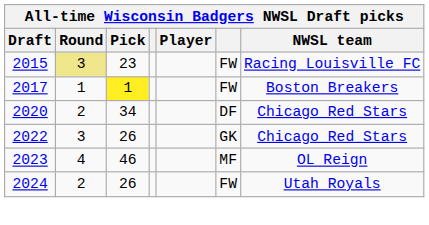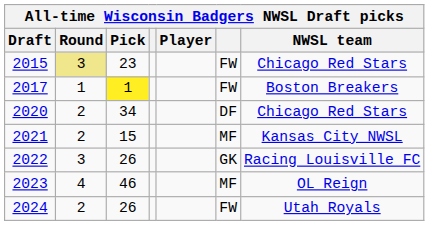 <table class="wikitable sortable" style="text-align: center;">
 <tr>
 <th colspan="7" style="background:#">All-time <a href='#'><span>Wisconsin Badgers</span></a> NWSL Draft picks</th>
 </tr>
 <tr>
 <th scope="col">Draft</th>
 <th scope="col">Round</th>
 <th scope="col">Pick</th>
 <th scope="col"></th>
 <th scope="col">Player</th>
 <th scope="col"></th>
 <th scope="col">NWSL team</th>
 </tr>
 <tr>
 <td><a href='#'>2015</a></td>
 <td style="background: khaki;">3</td>
 <td>23</td>
 <td></td>
 <td></td>
 <td>FW</td>
-<td><a href='#'>Racing Louisville FC</a></td>
+<td><a href='#'>Chicago Red Stars</a></td>
 </tr>
 <tr>
 <td><a href='#'>2017</a></td>
 <td>1</td>
 <td style="background-color:#FE2">1</td>
 <td></td>
 <td></td>
 <td>FW</td>
 <td><a href='#'>Boston Breakers</a></td>
 </tr>
 <tr>
 <td><a href='#'>2020</a></td>
 <td>2</td>
 <td>34</td>
 <td></td>
 <td></td>
 <td>DF</td>
 <td><a href='#'>Chicago Red Stars</a></td>
 </tr>
 <tr>
+<td><a href='#'>2021</a></td>
+<td>2</td>
+<td>15</td>
+<td></td>
+<td></td>
+<td>MF</td>
+<td><a href='#'>Kansas City NWSL</a></td>
+</tr>
+<tr>
 <td><a href='#'>2022</a></td>
 <td>3</td>
 <td>26</td>
 <td></td>
 <td></td>
 <td>GK</td>
-<td><a href='#'>Chicago Red Stars</a></td>
+<td><a href='#'>Racing Louisville FC</a></td>
 </tr>
 <tr>
 <td><a href='#'>2023</a></td>
 <td>4</td>
 <td>46</td>
 <td></td>
 <td></td>
 <td>MF</td>
 <td><a href='#'>OL Reign</a></td>
 </tr>
 <tr>
 <td><a href='#'>2024</a></td>
 <td>2</td>
 <td>26</td>
 <td></td>
 <td></td>
 <td>FW</td>
 <td><a href='#'>Utah Royals</a></td>
 </tr>
 </table>
